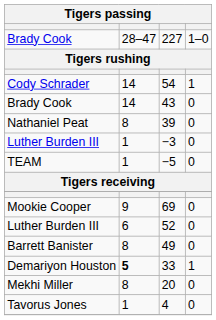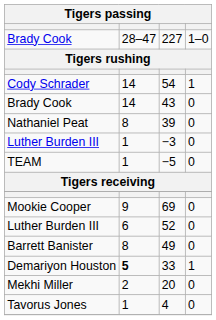 <table class="wikitable plainrowheaders">
 <tr>
 <th colspan="6">Tigers passing</th>
 </tr>
 <tr>
 <th scope="col"></th>
 <th scope="col"></th>
 <th scope="col"></th>
 <th scope="col"></th>
 </tr>
 <tr>
 <td><a href='#'>Brady Cook</a></td>
 <td>28–47</td>
 <td>227</td>
 <td>1–0</td>
 </tr>
 <tr>
 <th colspan="6">Tigers rushing</th>
 </tr>
 <tr>
 <th scope="col"></th>
 <th scope="col"></th>
 <th scope="col"></th>
 <th scope="col"></th>
 </tr>
 <tr>
 <td><a href='#'>Cody Schrader</a></td>
 <td>14</td>
 <td>54</td>
 <td>1</td>
 </tr>
 <tr>
 <td>Brady Cook</td>
 <td>14</td>
 <td>43</td>
 <td>0</td>
 </tr>
 <tr>
 <td>Nathaniel Peat</td>
 <td>8</td>
 <td>39</td>
 <td>0</td>
 </tr>
 <tr>
 <td><a href='#'>Luther Burden III</a></td>
 <td>1</td>
 <td>−3</td>
 <td>0</td>
 </tr>
 <tr>
 <td>TEAM</td>
 <td>1</td>
 <td>−5</td>
 <td>0</td>
 </tr>
 <tr>
 <th colspan="6">Tigers receiving</th>
 </tr>
 <tr>
 </tr>
 <tr>
 <th scope="col"></th>
 <th scope="col"></th>
 <th scope="col"></th>
 <th scope="col"></th>
 </tr>
 <tr>
 <td>Mookie Cooper</td>
 <td>9</td>
 <td>69</td>
 <td>0</td>
 </tr>
 <tr>
 <td>Luther Burden III</td>
 <td>6</td>
 <td>52</td>
 <td>0</td>
 </tr>
 <tr>
 <td>Barrett Banister</td>
 <td>8</td>
 <td>49</td>
 <td>0</td>
 </tr>
 <tr>
 <td>Demariyon Houston</td>
 <td><strong>5</strong></td>
 <td>33</td>
 <td>1</td>
 </tr>
 <tr>
 <td>Mekhi Miller</td>
-<td>8</td>
+<td>2</td>
 <td>20</td>
 <td>0</td>
 </tr>
 <tr>
 <td>Tavorus Jones</td>
 <td>1</td>
 <td>4</td>
 <td>0</td>
 </tr>
 <tr>
 </tr>
 </table>
